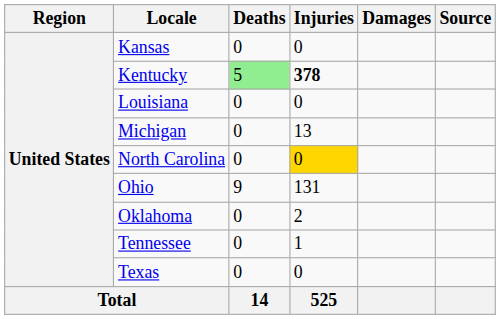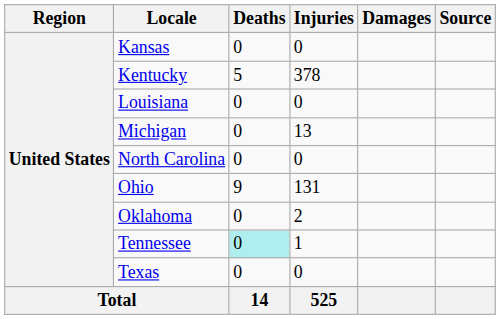 <table class="wikitable"  style="float:left; margin:10px;">
 <tr>
 <th>Region</th>
 <th>Locale</th>
 <th>Deaths</th>
 <th>Injuries</th>
 <th>Damages</th>
 <th>Source</th>
 </tr>
 <tr>
 <th rowspan="9">United States</th>
 <td rowspan="1"><a href='#'>Kansas</a></td>
 <td>0</td>
 <td>0</td>
 <td></td>
 <td></td>
 </tr>
 <tr>
 <td rowspan="1"><a href='#'>Kentucky</a></td>
-<td style="background: lightgreen;">5</td>
-<td><strong>378</strong></td>
+<td>5</td>
+<td>378</td>
 <td></td>
 <td></td>
 </tr>
 <tr>
 <td rowspan="1"><a href='#'>Louisiana</a></td>
 <td>0</td>
 <td>0</td>
 <td></td>
 <td></td>
 </tr>
 <tr>
 <td rowspan="1"><a href='#'>Michigan</a></td>
 <td>0</td>
 <td>13</td>
 <td></td>
 <td></td>
 </tr>
 <tr>
 <td rowspan="1"><a href='#'>North Carolina</a></td>
 <td>0</td>
-<td style="background: gold;">0</td>
+<td>0</td>
 <td></td>
 <td></td>
 </tr>
 <tr>
 <td rowspan="1"><a href='#'>Ohio</a></td>
 <td>9</td>
 <td>131</td>
 <td></td>
 <td></td>
 </tr>
 <tr>
 <td rowspan="1"><a href='#'>Oklahoma</a></td>
 <td>0</td>
 <td>2</td>
 <td></td>
 <td></td>
 </tr>
 <tr>
 <td rowspan="1"><a href='#'>Tennessee</a></td>
-<td>0</td>
+<td style="background: paleturquoise;">0</td>
 <td>1</td>
 <td></td>
 <td></td>
 </tr>
 <tr>
 <td rowspan="1"><a href='#'>Texas</a></td>
 <td>0</td>
 <td>0</td>
 <td></td>
 <td></td>
 </tr>
 <tr>
 <th colspan="2">Total</th>
 <th colspan="">14</th>
 <th colspan="">525</th>
 <th colspan=""></th>
 <th colspan=""></th>
 </tr>
 </table>
